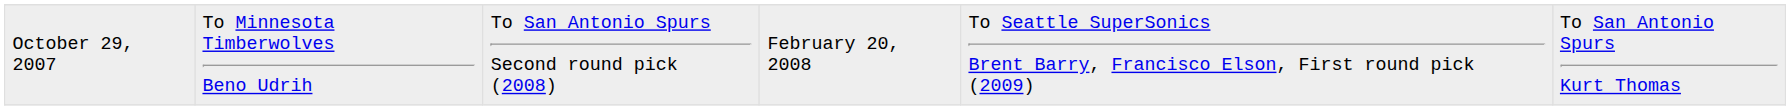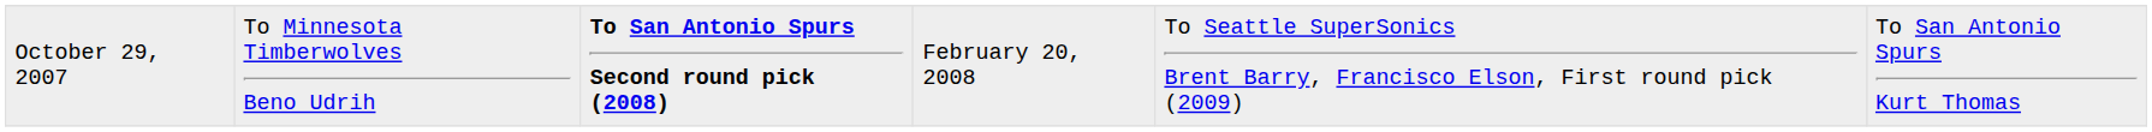 <table border=1 style="border-collapse:collapse" bordercolor="#DFDFDF"  cellpadding="5">
 <tr>
 </tr>
 <tr bgcolor="eeeeee">
 <td>October 29, 2007</td>
 <td valign="top">To <a href='#'>Minnesota Timberwolves</a><hr><a href='#'>Beno Udrih</a></td>
-<td valign="top">To <a href='#'>San Antonio Spurs</a><hr>Second round pick (<a href='#'>2008</a>)</td>
+<td valign="top"><strong>To <a href='#'>San Antonio Spurs</a><hr>Second round pick (<a href='#'>2008</a>)</strong></td>
 <td>February 20, 2008</td>
 <td valign="top">To <a href='#'>Seattle SuperSonics</a><hr><a href='#'>Brent Barry</a>, <a href='#'>Francisco Elson</a>, First round pick (<a href='#'>2009</a>)</td>
 <td valign="top">To <a href='#'>San Antonio Spurs</a><hr><a href='#'>Kurt Thomas</a></td>
 </tr>
 </table>
